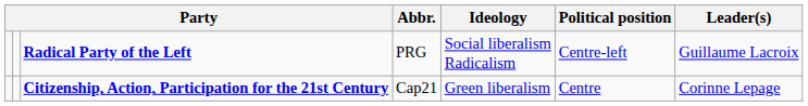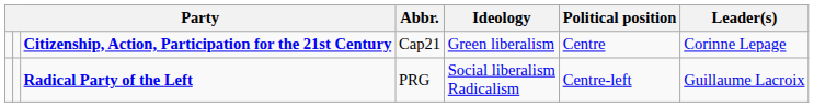 <table class="wikitable" style="font-size:90%">
 <tr>
 <th colspan="3">Party</th>
 <th>Abbr.</th>
 <th>Ideology</th>
 <th>Political position</th>
 <th>Leader(s)</th>
 </tr>
 <tr>
 <td style="background-color:"></td>
 <td></td>
+<td><strong><a href='#'>Citizenship, Action, Participation for the 21st Century</a></strong></td>
+<td>Cap21</td>
+<td><a href='#'>Green liberalism</a></td>
+<td><a href='#'>Centre</a></td>
+<td><a href='#'>Corinne Lepage</a></td>
+</tr>
+<tr>
+<td style="background-color:"></td>
+<td></td>
 <td><strong><a href='#'>Radical Party of the Left</a></strong></td>
 <td>PRG</td>
 <td><a href='#'>Social liberalism</a><br><a href='#'>Radicalism</a></td>
 <td><a href='#'>Centre-left</a></td>
 <td><a href='#'>Guillaume Lacroix</a></td>
 </tr>
-<tr>
-<td style="background-color:"></td>
-<td></td>
-<td><strong><a href='#'>Citizenship, Action, Participation for the 21st Century</a></strong></td>
-<td>Cap21</td>
-<td><a href='#'>Green liberalism</a></td>
-<td><a href='#'>Centre</a></td>
-<td><a href='#'>Corinne Lepage</a></td>
-</tr>
 </table>
